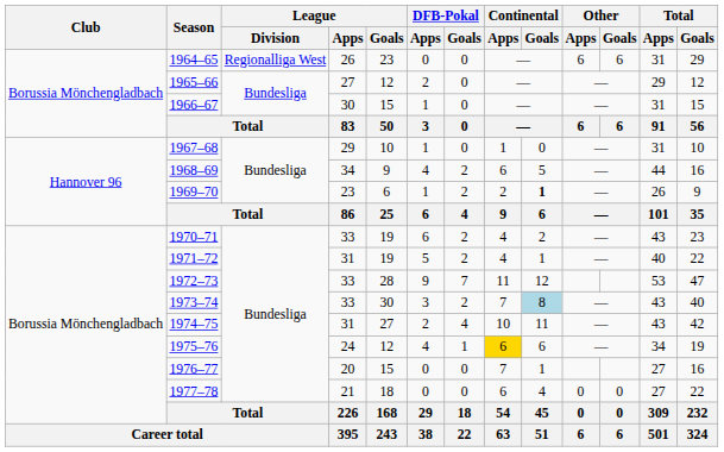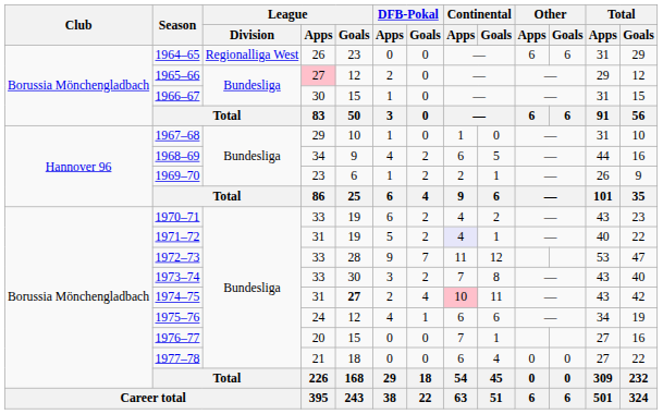 <table class="wikitable" Style="text-align: center">
 <tr>
 <th rowspan="2">Club</th>
 <th rowspan="2">Season</th>
 <th colspan="3">League</th>
 <th colspan="2"><a href='#'>DFB-Pokal</a></th>
 <th colspan="2">Continental</th>
 <th colspan="2">Other</th>
 <th colspan="2">Total</th>
 </tr>
 <tr>
 <th>Division</th>
 <th>Apps</th>
 <th>Goals</th>
 <th>Apps</th>
 <th>Goals</th>
 <th>Apps</th>
 <th>Goals</th>
 <th>Apps</th>
 <th>Goals</th>
 <th>Apps</th>
 <th>Goals</th>
 </tr>
 <tr>
 <td rowspan="4"><a href='#'>Borussia Mönchengladbach</a></td>
 <td><a href='#'>1964–65</a></td>
 <td><a href='#'>Regionalliga West</a></td>
 <td>26</td>
 <td>23</td>
 <td>0</td>
 <td>0</td>
 <td colspan="2">—</td>
 <td>6</td>
 <td>6</td>
 <td>31</td>
 <td>29</td>
 </tr>
 <tr>
 <td><a href='#'>1965–66</a></td>
 <td rowspan="2"><a href='#'>Bundesliga</a></td>
-<td>27</td>
+<td style="background: pink;">27</td>
 <td>12</td>
 <td>2</td>
 <td>0</td>
 <td colspan="2">—</td>
 <td colspan="2">—</td>
 <td>29</td>
 <td>12</td>
 </tr>
 <tr>
 <td><a href='#'>1966–67</a></td>
 <td>30</td>
 <td>15</td>
 <td>1</td>
 <td>0</td>
 <td colspan="2">—</td>
 <td colspan="2">—</td>
 <td>31</td>
 <td>15</td>
 </tr>
 <tr>
 <th colspan="2">Total</th>
 <th>83</th>
 <th>50</th>
 <th>3</th>
 <th>0</th>
 <th colspan="2">—</th>
 <th>6</th>
 <th>6</th>
 <th>91</th>
 <th>56</th>
 </tr>
 <tr>
 <td rowspan="4"><a href='#'>Hannover 96</a></td>
 <td><a href='#'>1967–68</a></td>
 <td rowspan="3">Bundesliga</td>
 <td>29</td>
 <td>10</td>
 <td>1</td>
 <td>0</td>
 <td>1</td>
 <td>0</td>
 <td colspan="2">—</td>
 <td>31</td>
 <td>10</td>
 </tr>
 <tr>
 <td><a href='#'>1968–69</a></td>
 <td>34</td>
 <td>9</td>
 <td>4</td>
 <td>2</td>
 <td>6</td>
 <td>5</td>
 <td colspan="2">—</td>
 <td>44</td>
 <td>16</td>
 </tr>
 <tr>
 <td><a href='#'>1969–70</a></td>
 <td>23</td>
 <td>6</td>
 <td>1</td>
 <td>2</td>
 <td>2</td>
-<td><strong>1</strong></td>
+<td>1</td>
 <td colspan="2">—</td>
 <td>26</td>
 <td>9</td>
 </tr>
 <tr>
 <th colspan="2">Total</th>
 <th>86</th>
 <th>25</th>
 <th>6</th>
 <th>4</th>
 <th>9</th>
 <th>6</th>
 <th colspan="2">—</th>
 <th>101</th>
 <th>35</th>
 </tr>
 <tr>
 <td rowspan="9">Borussia Mönchengladbach</td>
 <td><a href='#'>1970–71</a></td>
 <td rowspan="8">Bundesliga</td>
 <td>33</td>
 <td>19</td>
 <td>6</td>
 <td>2</td>
 <td>4</td>
 <td>2</td>
 <td colspan="2">—</td>
 <td>43</td>
 <td>23</td>
 </tr>
 <tr>
 <td><a href='#'>1971–72</a></td>
 <td>31</td>
 <td>19</td>
 <td>5</td>
 <td>2</td>
-<td>4</td>
+<td style="background: lavender;">4</td>
 <td>1</td>
 <td colspan="2">—</td>
 <td>40</td>
 <td>22</td>
 </tr>
 <tr>
 <td><a href='#'>1972–73</a></td>
 <td>33</td>
 <td>28</td>
 <td>9</td>
 <td>7</td>
 <td>11</td>
 <td>12</td>
 <td></td>
 <td></td>
 <td>53</td>
 <td>47</td>
 </tr>
 <tr>
 <td><a href='#'>1973–74</a></td>
 <td>33</td>
 <td>30</td>
 <td>3</td>
 <td>2</td>
 <td>7</td>
-<td style="background: lightblue;">8</td>
+<td>8</td>
 <td colspan="2">—</td>
 <td>43</td>
 <td>40</td>
 </tr>
 <tr>
 <td><a href='#'>1974–75</a></td>
 <td>31</td>
-<td>27</td>
+<td><strong>27</strong></td>
 <td>2</td>
 <td>4</td>
-<td>10</td>
+<td style="background: pink;">10</td>
 <td>11</td>
 <td colspan="2">—</td>
 <td>43</td>
 <td>42</td>
 </tr>
 <tr>
 <td><a href='#'>1975–76</a></td>
 <td>24</td>
 <td>12</td>
 <td>4</td>
 <td>1</td>
-<td style="background: gold;">6</td>
+<td>6</td>
 <td>6</td>
 <td colspan="2">—</td>
 <td>34</td>
 <td>19</td>
 </tr>
 <tr>
 <td><a href='#'>1976–77</a></td>
 <td>20</td>
 <td>15</td>
 <td>0</td>
 <td>0</td>
 <td>7</td>
 <td>1</td>
 <td></td>
 <td></td>
 <td>27</td>
 <td>16</td>
 </tr>
 <tr>
 <td><a href='#'>1977–78</a></td>
 <td>21</td>
 <td>18</td>
 <td>0</td>
 <td>0</td>
 <td>6</td>
 <td>4</td>
 <td>0</td>
 <td>0</td>
 <td>27</td>
 <td>22</td>
 </tr>
 <tr>
 <th colspan="2">Total</th>
 <th>226</th>
 <th>168</th>
 <th>29</th>
 <th>18</th>
 <th>54</th>
 <th>45</th>
 <th>0</th>
 <th>0</th>
 <th>309</th>
 <th>232</th>
 </tr>
 <tr>
 <th colspan="3">Career total</th>
 <th>395</th>
 <th>243</th>
 <th>38</th>
 <th>22</th>
 <th>63</th>
 <th>51</th>
 <th>6</th>
 <th>6</th>
 <th>501</th>
 <th>324</th>
 </tr>
 </table>
